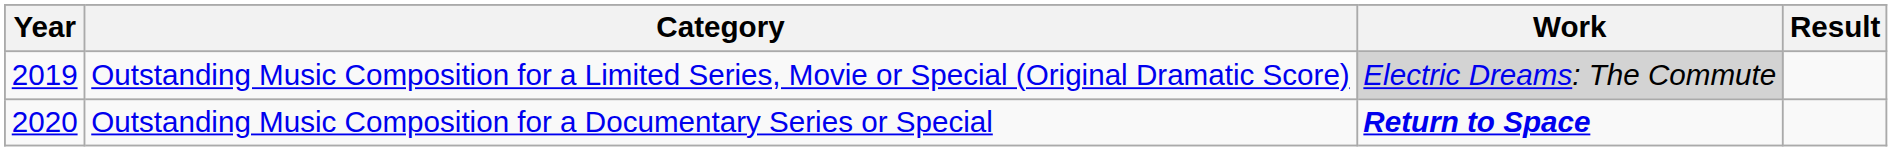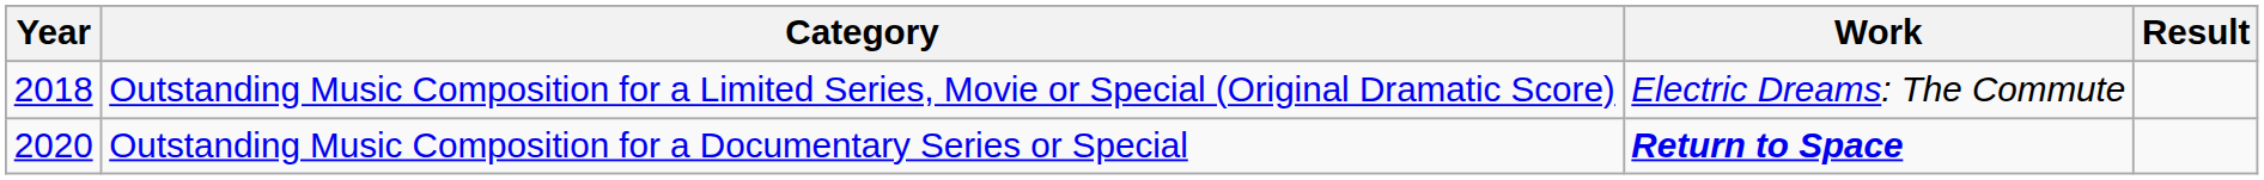 <table class="wikitable sortable">
 <tr>
 <th>Year</th>
 <th>Category</th>
 <th>Work</th>
 <th>Result</th>
 </tr>
 <tr>
-<td align="center"><a href='#'>2019</a></td>
+<td align="center"><a href='#'>2018</a></td>
 <td><a href='#'>Outstanding Music Composition for a Limited Series, Movie or Special (Original Dramatic Score)</a></td>
-<td style="background: lightgrey;"><em><a href='#'>Electric Dreams</a>: The Commute</em></td>
+<td><em><a href='#'>Electric Dreams</a>: The Commute</em></td>
 <td></td>
 </tr>
 <tr>
 <td align="center"><a href='#'>2020</a></td>
 <td><a href='#'>Outstanding Music Composition for a Documentary Series or Special</a></td>
 <td><strong><em><a href='#'>Return to Space</a></em></strong></td>
 <td></td>
 </tr>
 </table>
